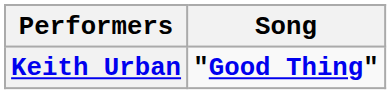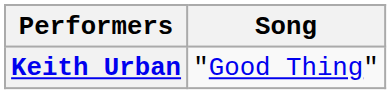 <table class="wikitable" style="text-align:center;">
 <tr>
 <th scope="col">Performers</th>
 <th scope="col">Song</th>
 </tr>
 <tr>
 <th scope="row"><a href='#'>Keith Urban</a></th>
-<td><strong>"<a href='#'>Good Thing</a>"</strong></td>
+<td>"<a href='#'>Good Thing</a>"</td>
 </tr>
 </table>
